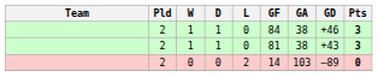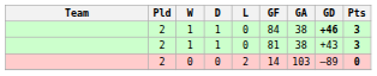 <table class="wikitable" style="text-align: center;">
 <tr>
 <th width="180">Team</th>
 <th width="30">Pld</th>
 <th width="30">W</th>
 <th width="30">D</th>
 <th width="30">L</th>
 <th width="30">GF</th>
 <th width="30">GA</th>
 <th width="30">GD</th>
 <th width="30">Pts</th>
 </tr>
 <tr bgcolor=ccffcc>
 <td align="left"></td>
 <td>2</td>
 <td>1</td>
 <td>1</td>
 <td>0</td>
 <td>84</td>
 <td>38</td>
-<td>+46</td>
+<td><strong>+46</strong></td>
 <td><strong>3</strong></td>
 </tr>
 <tr bgcolor=ccffcc>
 <td align="left"></td>
 <td>2</td>
 <td>1</td>
 <td>1</td>
 <td>0</td>
 <td>81</td>
 <td>38</td>
 <td>+43</td>
 <td><strong>3</strong></td>
 </tr>
 <tr bgcolor=ffcccc>
 <td align="left"></td>
 <td>2</td>
 <td>0</td>
 <td>0</td>
 <td>2</td>
 <td>14</td>
 <td>103</td>
 <td>–89</td>
 <td><strong>0</strong></td>
 </tr>
 <tr>
 </tr>
 </table>
